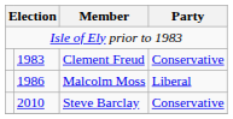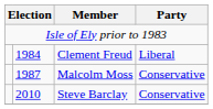 <table class="wikitable">
 <tr>
 <th colspan="2">Election</th>
 <th>Member</th>
 <th>Party</th>
 </tr>
 <tr>
 <td colspan="4" align="center"><em><a href='#'>Isle of Ely</a> prior to 1983</em></td>
 </tr>
 <tr>
 <td style="color:inherit;background-color: "></td>
-<td><a href='#'>1983</a></td>
+<td><a href='#'>1984</a></td>
 <td><a href='#'>Clement Freud</a></td>
-<td><a href='#'>Conservative</a></td>
+<td><a href='#'>Liberal</a></td>
 </tr>
 <tr>
 <td style="color:inherit;background-color: "></td>
-<td><a href='#'>1986</a></td>
+<td><a href='#'>1987</a></td>
 <td><a href='#'>Malcolm Moss</a></td>
-<td><a href='#'>Liberal</a></td>
+<td><a href='#'>Conservative</a></td>
 </tr>
 <tr>
 <td style="color:inherit;background-color: "></td>
 <td><a href='#'>2010</a></td>
 <td><a href='#'>Steve Barclay</a></td>
 <td><a href='#'>Conservative</a></td>
 </tr>
 <tr>
 </tr>
 </table>
